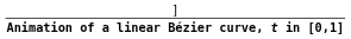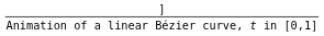 <table style="margin:1em auto; text-align:center; float:none; clear:both; font-size:95%; vertical-align:top;">
 <tr>
 <td style="border-bottom:1px solid #222;">]</td>
 </tr>
 <tr>
-<td><strong>Animation of a linear Bézier curve, <em>t</em> in [0,1]</strong></td>
+<td>Animation of a linear Bézier curve, <em>t</em> in [0,1]</td>
 </tr>
 </table>
